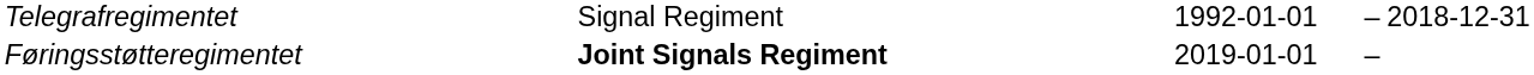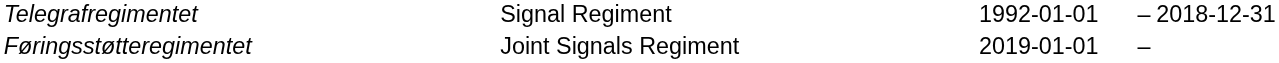 <table class="toccolours" style="float: auto; clear: right; margin: 0 0 0.5em 1em;" width="900px">
 <tr style="vertical-align: top;">
 <td><em>Telegrafregimentet</em></td>
 <td>Signal Regiment</td>
 <td width="12%">1992-01-01</td>
 <td width="1%">–</td>
 <td width="12%">2018-12-31</td>
 </tr>
 <tr style="vertical-align: top;">
 <td><em>Føringsstøtteregimentet</em></td>
-<td><strong>Joint Signals Regiment</strong></td>
+<td>Joint Signals Regiment</td>
 <td width="12%">2019-01-01</td>
 <td width="1%">–</td>
 <td width="12%"></td>
 </tr>
 </table>
